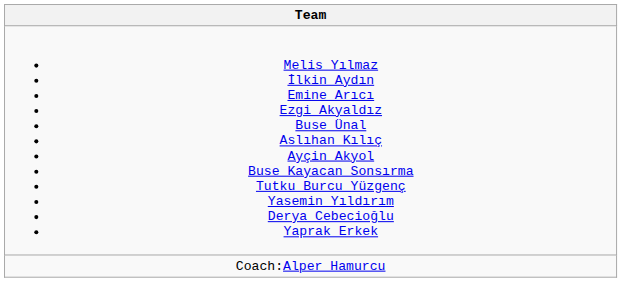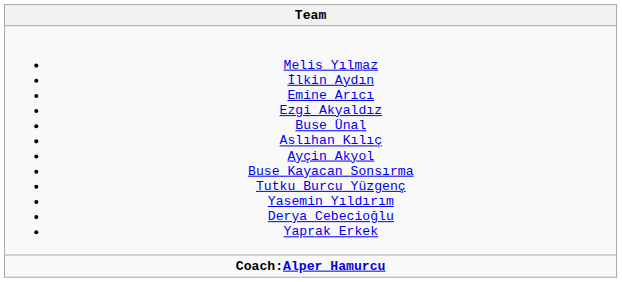 <table class="wikitable" style="text-align: center;">
 <tr>
 <th width=600>Team</th>
 </tr>
 <tr>
 <td><br><ul><li><a href='#'>Melis Yılmaz</a></li><li><a href='#'>İlkin Aydın</a></li><li><a href='#'>Emine Arıcı</a></li><li><a href='#'>Ezgi Akyaldız</a></li><li><a href='#'>Buse Ünal</a></li><li><a href='#'>Aslıhan Kılıç</a></li><li><a href='#'>Ayçin Akyol</a></li><li><a href='#'>Buse Kayacan Sonsırma</a></li><li><a href='#'>Tutku Burcu Yüzgenç</a></li><li><a href='#'>Yasemin Yıldırım</a></li><li><a href='#'>Derya Cebecioğlu</a></li><li><a href='#'>Yaprak Erkek</a></li></ul></td>
 </tr>
 <tr>
-<td>Coach:<a href='#'>Alper Hamurcu</a></td>
+<td><strong>Coach:<a href='#'>Alper Hamurcu</a></strong></td>
 </tr>
 </table>
